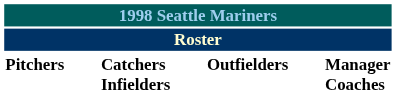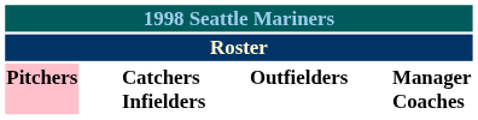 <table class="toccolours" style="font-size: 95%;">
 <tr>
 <th colspan="10" style="background-color: #005c5c; color:#9ECEEE; text-align: center;">1998 Seattle Mariners</th>
 </tr>
 <tr>
 <td colspan="10" style="background-color: #003366; color: #FFFDD0; text-align: center;"><strong>Roster</strong></td>
 </tr>
 <tr>
-<td valign="top"><strong>Pitchers</strong><br>                   </td>
+<td valign="top" style="background: pink;"><strong>Pitchers</strong><br>                   </td>
 <td width="25px"></td>
 <td valign="top"><strong>Catchers</strong><br>     <strong>Infielders</strong>          </td>
 <td width="25px"></td>
 <td valign="top"><strong>Outfielders</strong><br>           </td>
 <td width="25px"></td>
 <td valign="top"><strong>Manager</strong><br> <strong>Coaches</strong>      </td>
 </tr>
 </table>
